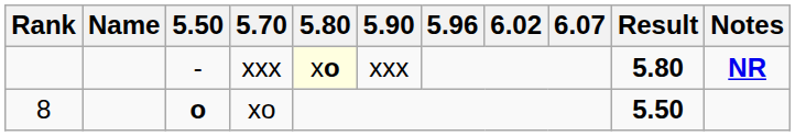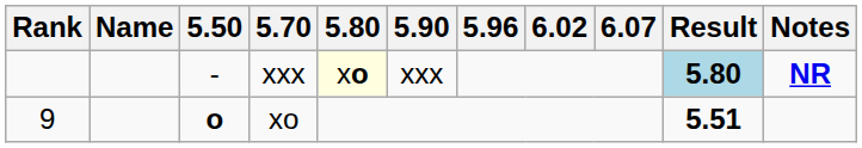 <table class="wikitable">
 <tr>
 <th>Rank</th>
 <th>Name</th>
 <th>5.50</th>
 <th>5.70</th>
 <th>5.80</th>
 <th>5.90</th>
 <th>5.96</th>
 <th>6.02</th>
 <th>6.07</th>
 <th>Result</th>
 <th>Notes</th>
 </tr>
 <tr align="center">
 <td></td>
 <td align="left"></td>
 <td>-</td>
 <td>xxx</td>
 <td style="background: lightyellow;">x<strong>o</strong></td>
 <td>xxx</td>
 <td colspan="3"></td>
-<td><strong>5.80</strong></td>
+<td style="background: lightblue;"><strong>5.80</strong></td>
 <td><strong><a href='#'>NR</a></strong></td>
 </tr>
 <tr align="center">
-<td>8</td>
+<td>9</td>
 <td align="left"></td>
 <td><strong>o</strong></td>
 <td>xo</td>
 <td colspan="5"></td>
-<td><strong>5.50</strong></td>
+<td><strong>5.51</strong></td>
 <td></td>
 </tr>
 </table>
